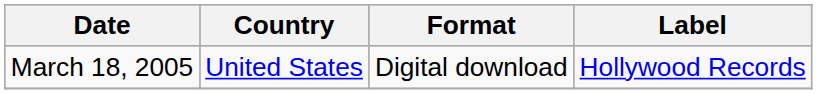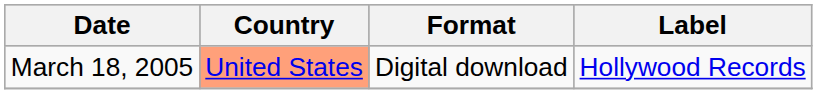 <table class="wikitable" border="1">
 <tr>
 <th>Date</th>
 <th>Country</th>
 <th>Format</th>
 <th>Label</th>
 </tr>
 <tr>
 <td>March 18, 2005</td>
-<td><a href='#'>United States</a></td>
+<td style="background: lightsalmon;"><a href='#'>United States</a></td>
 <td rowspan="1">Digital download</td>
 <td rowspan="1"><a href='#'>Hollywood Records</a></td>
 </tr>
 <tr>
 </tr>
 </table>
